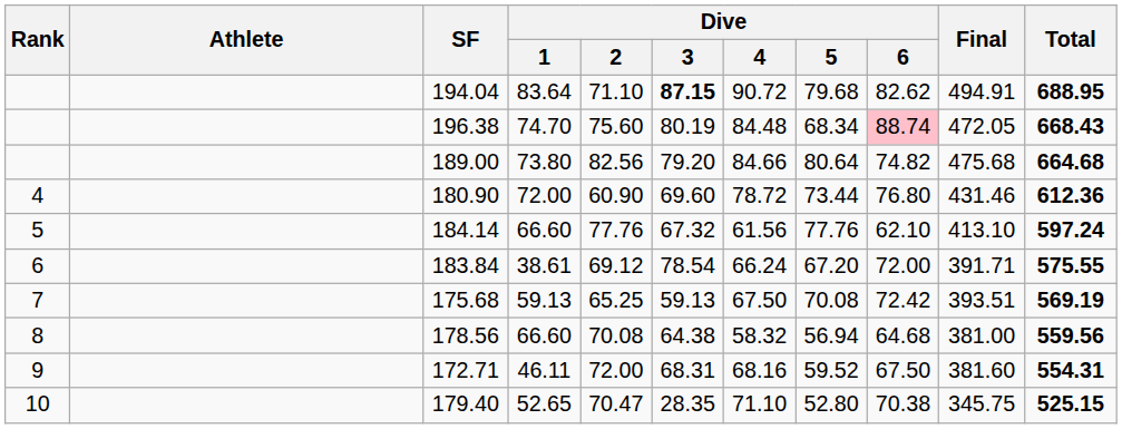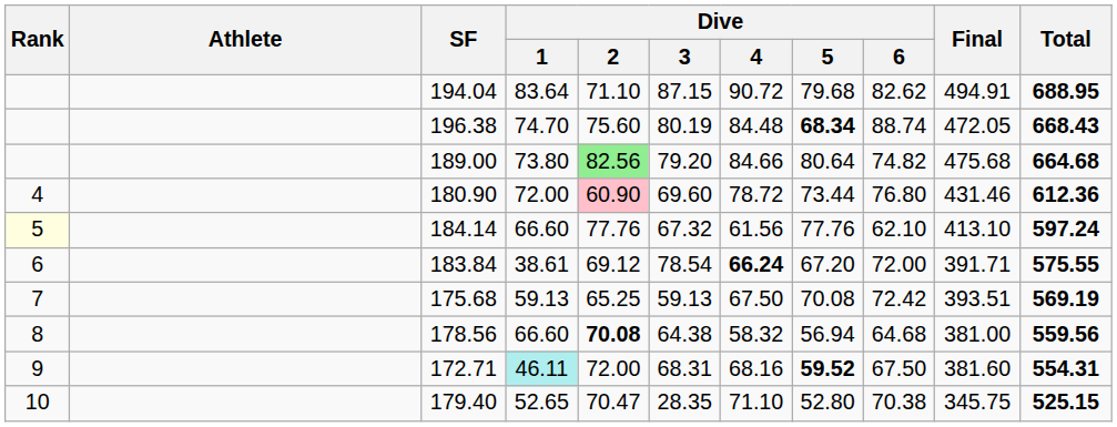 <table class=wikitable style="text-align:center">
 <tr>
 <th rowspan="2" width=40>Rank</th>
 <th rowspan="2" width=250>Athlete</th>
 <th rowspan="2" width=55>SF</th>
 <th colspan="6">Dive</th>
 <th rowspan="2" width=55>Final</th>
 <th rowspan="2" width=60>Total</th>
 </tr>
 <tr>
 <th width=45>1</th>
 <th width=45>2</th>
 <th width=45>3</th>
 <th width=45>4</th>
 <th width=45>5</th>
 <th width=45>6</th>
 </tr>
 <tr>
 <td></td>
 <td align=left></td>
 <td>194.04</td>
 <td>83.64</td>
 <td>71.10</td>
-<td><strong>87.15</strong></td>
+<td>87.15</td>
 <td>90.72</td>
 <td>79.68</td>
 <td>82.62</td>
 <td>494.91</td>
 <td><strong>688.95</strong></td>
 </tr>
 <tr>
 <td></td>
 <td align=left></td>
 <td>196.38</td>
 <td>74.70</td>
 <td>75.60</td>
 <td>80.19</td>
 <td>84.48</td>
-<td>68.34</td>
-<td style="background: pink;">88.74</td>
+<td><strong>68.34</strong></td>
+<td>88.74</td>
 <td>472.05</td>
 <td><strong>668.43</strong></td>
 </tr>
 <tr>
 <td></td>
 <td align=left></td>
 <td>189.00</td>
 <td>73.80</td>
-<td>82.56</td>
+<td style="background: lightgreen;">82.56</td>
 <td>79.20</td>
 <td>84.66</td>
 <td>80.64</td>
 <td>74.82</td>
 <td>475.68</td>
 <td><strong>664.68</strong></td>
 </tr>
 <tr>
 <td>4</td>
 <td align=left></td>
 <td>180.90</td>
 <td>72.00</td>
-<td>60.90</td>
+<td style="background: pink;">60.90</td>
 <td>69.60</td>
 <td>78.72</td>
 <td>73.44</td>
 <td>76.80</td>
 <td>431.46</td>
 <td><strong>612.36</strong></td>
 </tr>
 <tr>
-<td>5</td>
+<td style="background: lightyellow;">5</td>
 <td align=left></td>
 <td>184.14</td>
 <td>66.60</td>
 <td>77.76</td>
 <td>67.32</td>
 <td>61.56</td>
 <td>77.76</td>
 <td>62.10</td>
 <td>413.10</td>
 <td><strong>597.24</strong></td>
 </tr>
 <tr>
 <td>6</td>
 <td align=left></td>
 <td>183.84</td>
 <td>38.61</td>
 <td>69.12</td>
 <td>78.54</td>
-<td>66.24</td>
+<td><strong>66.24</strong></td>
 <td>67.20</td>
 <td>72.00</td>
 <td>391.71</td>
 <td><strong>575.55</strong></td>
 </tr>
 <tr>
 <td>7</td>
 <td align=left></td>
 <td>175.68</td>
 <td>59.13</td>
 <td>65.25</td>
 <td>59.13</td>
 <td>67.50</td>
 <td>70.08</td>
 <td>72.42</td>
 <td>393.51</td>
 <td><strong>569.19</strong></td>
 </tr>
 <tr>
 <td>8</td>
 <td align=left></td>
 <td>178.56</td>
 <td>66.60</td>
-<td>70.08</td>
+<td><strong>70.08</strong></td>
 <td>64.38</td>
 <td>58.32</td>
 <td>56.94</td>
 <td>64.68</td>
 <td>381.00</td>
 <td><strong>559.56</strong></td>
 </tr>
 <tr>
 <td>9</td>
 <td align=left></td>
 <td>172.71</td>
-<td>46.11</td>
+<td style="background: paleturquoise;">46.11</td>
 <td>72.00</td>
 <td>68.31</td>
 <td>68.16</td>
-<td>59.52</td>
+<td><strong>59.52</strong></td>
 <td>67.50</td>
 <td>381.60</td>
 <td><strong>554.31</strong></td>
 </tr>
 <tr>
 <td>10</td>
 <td align=left></td>
 <td>179.40</td>
 <td>52.65</td>
 <td>70.47</td>
 <td>28.35</td>
 <td>71.10</td>
 <td>52.80</td>
 <td>70.38</td>
 <td>345.75</td>
 <td><strong>525.15</strong></td>
 </tr>
 </table>
